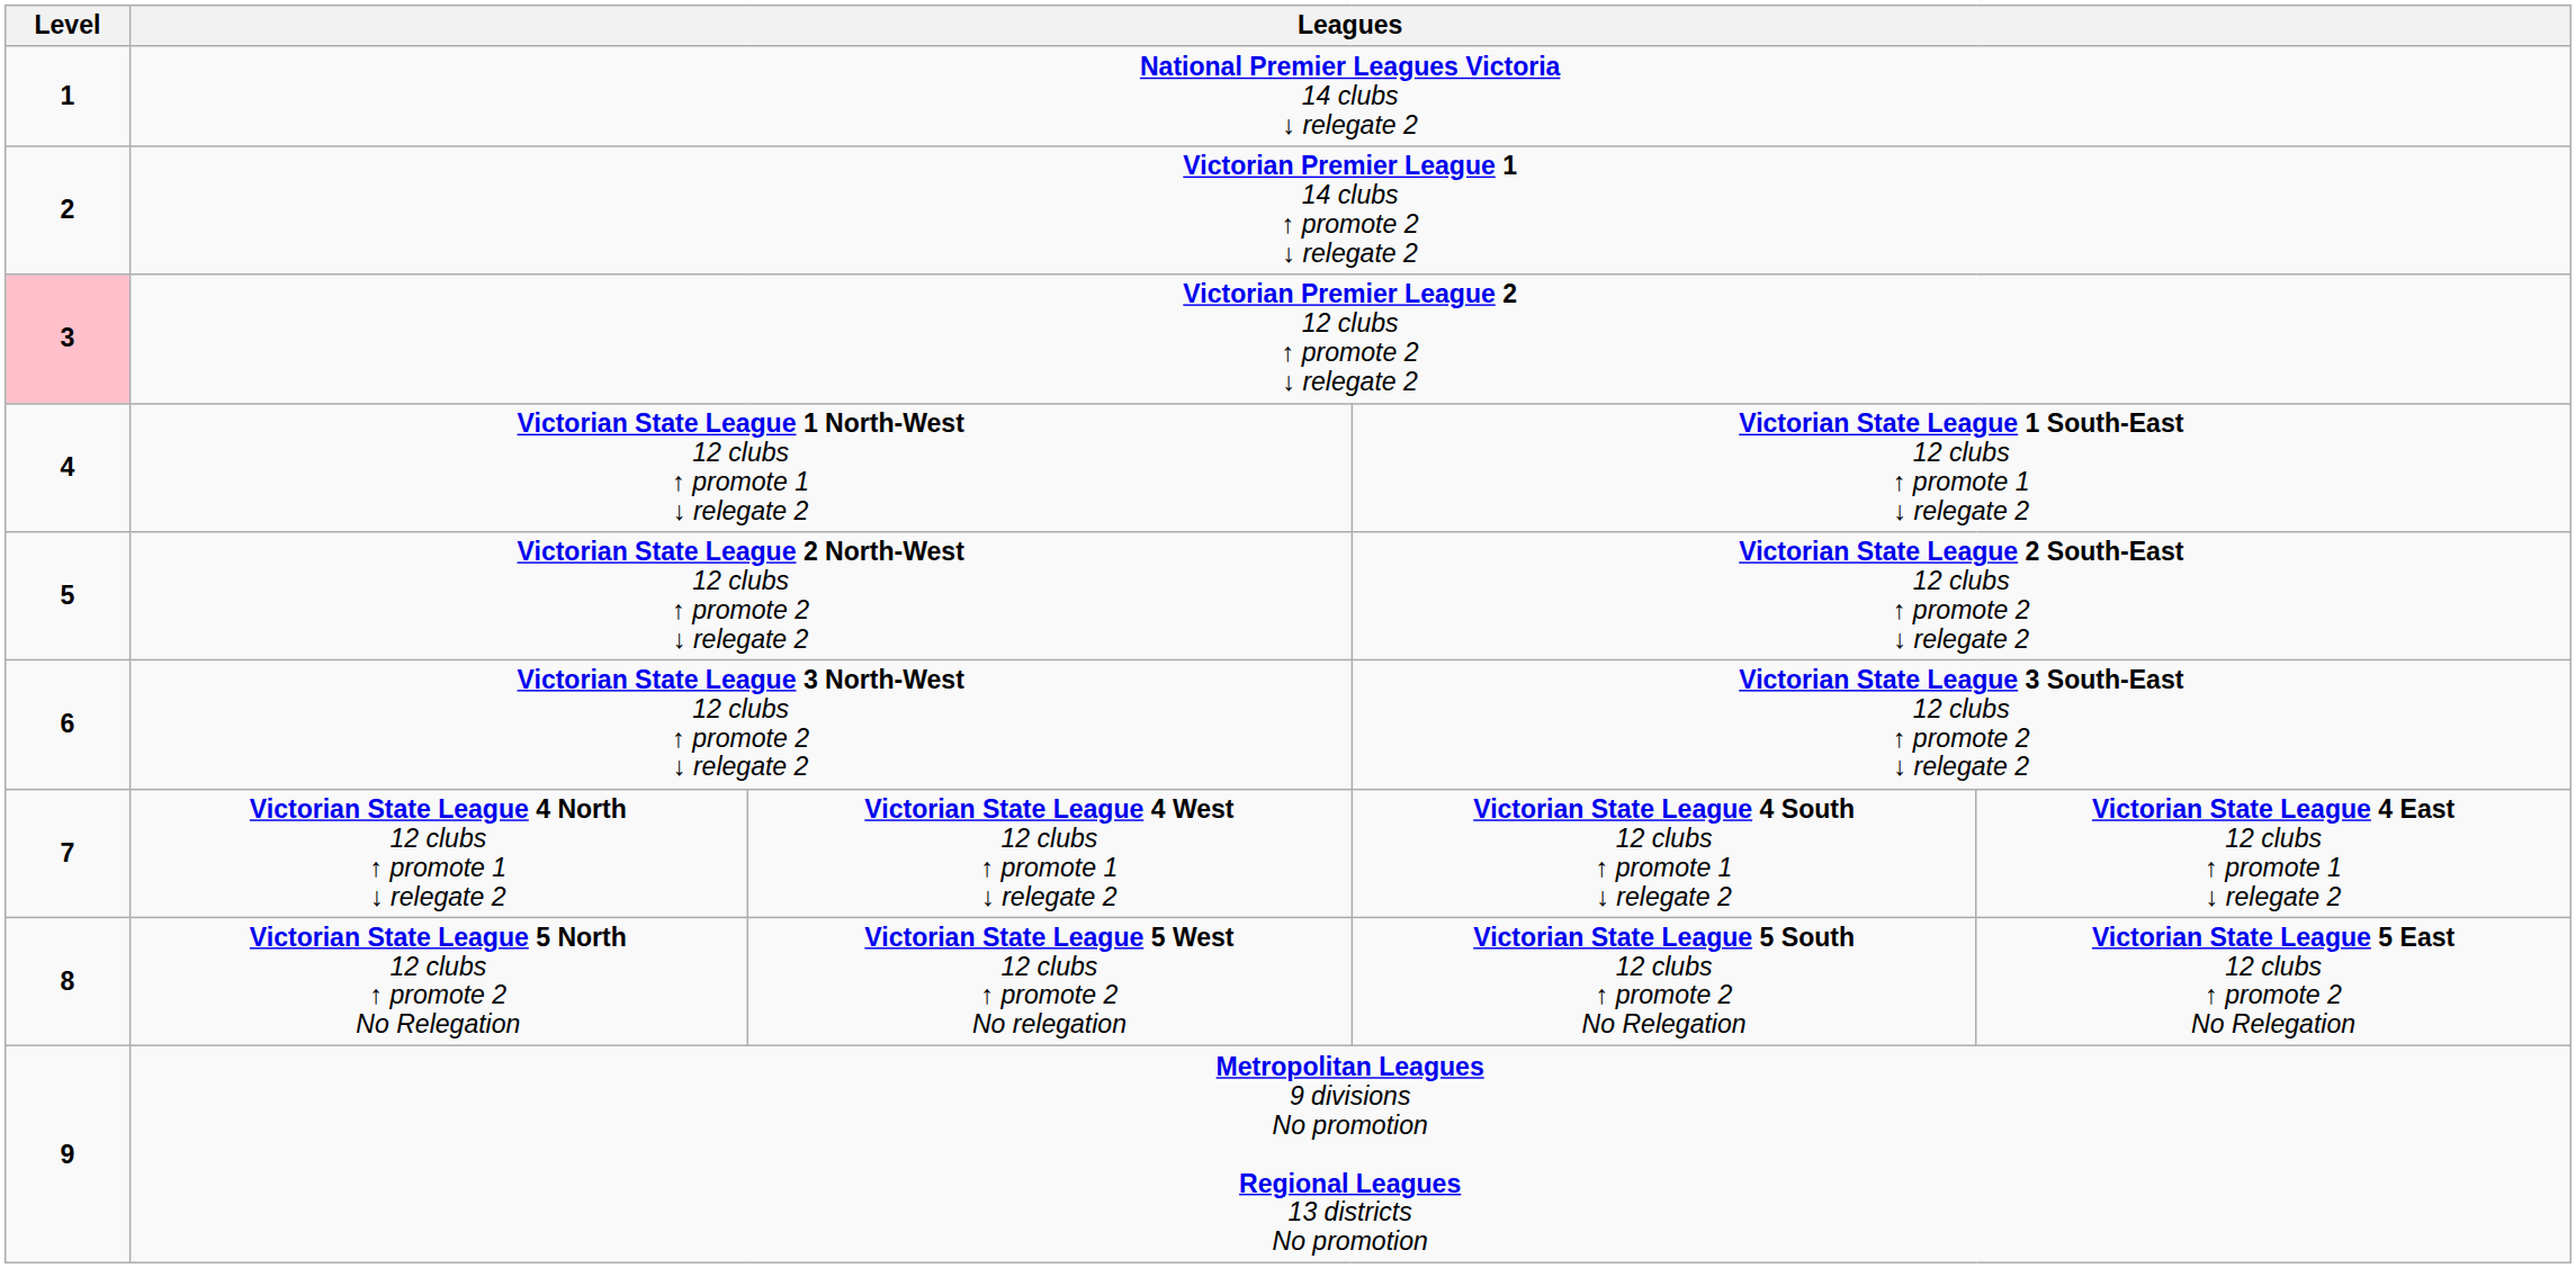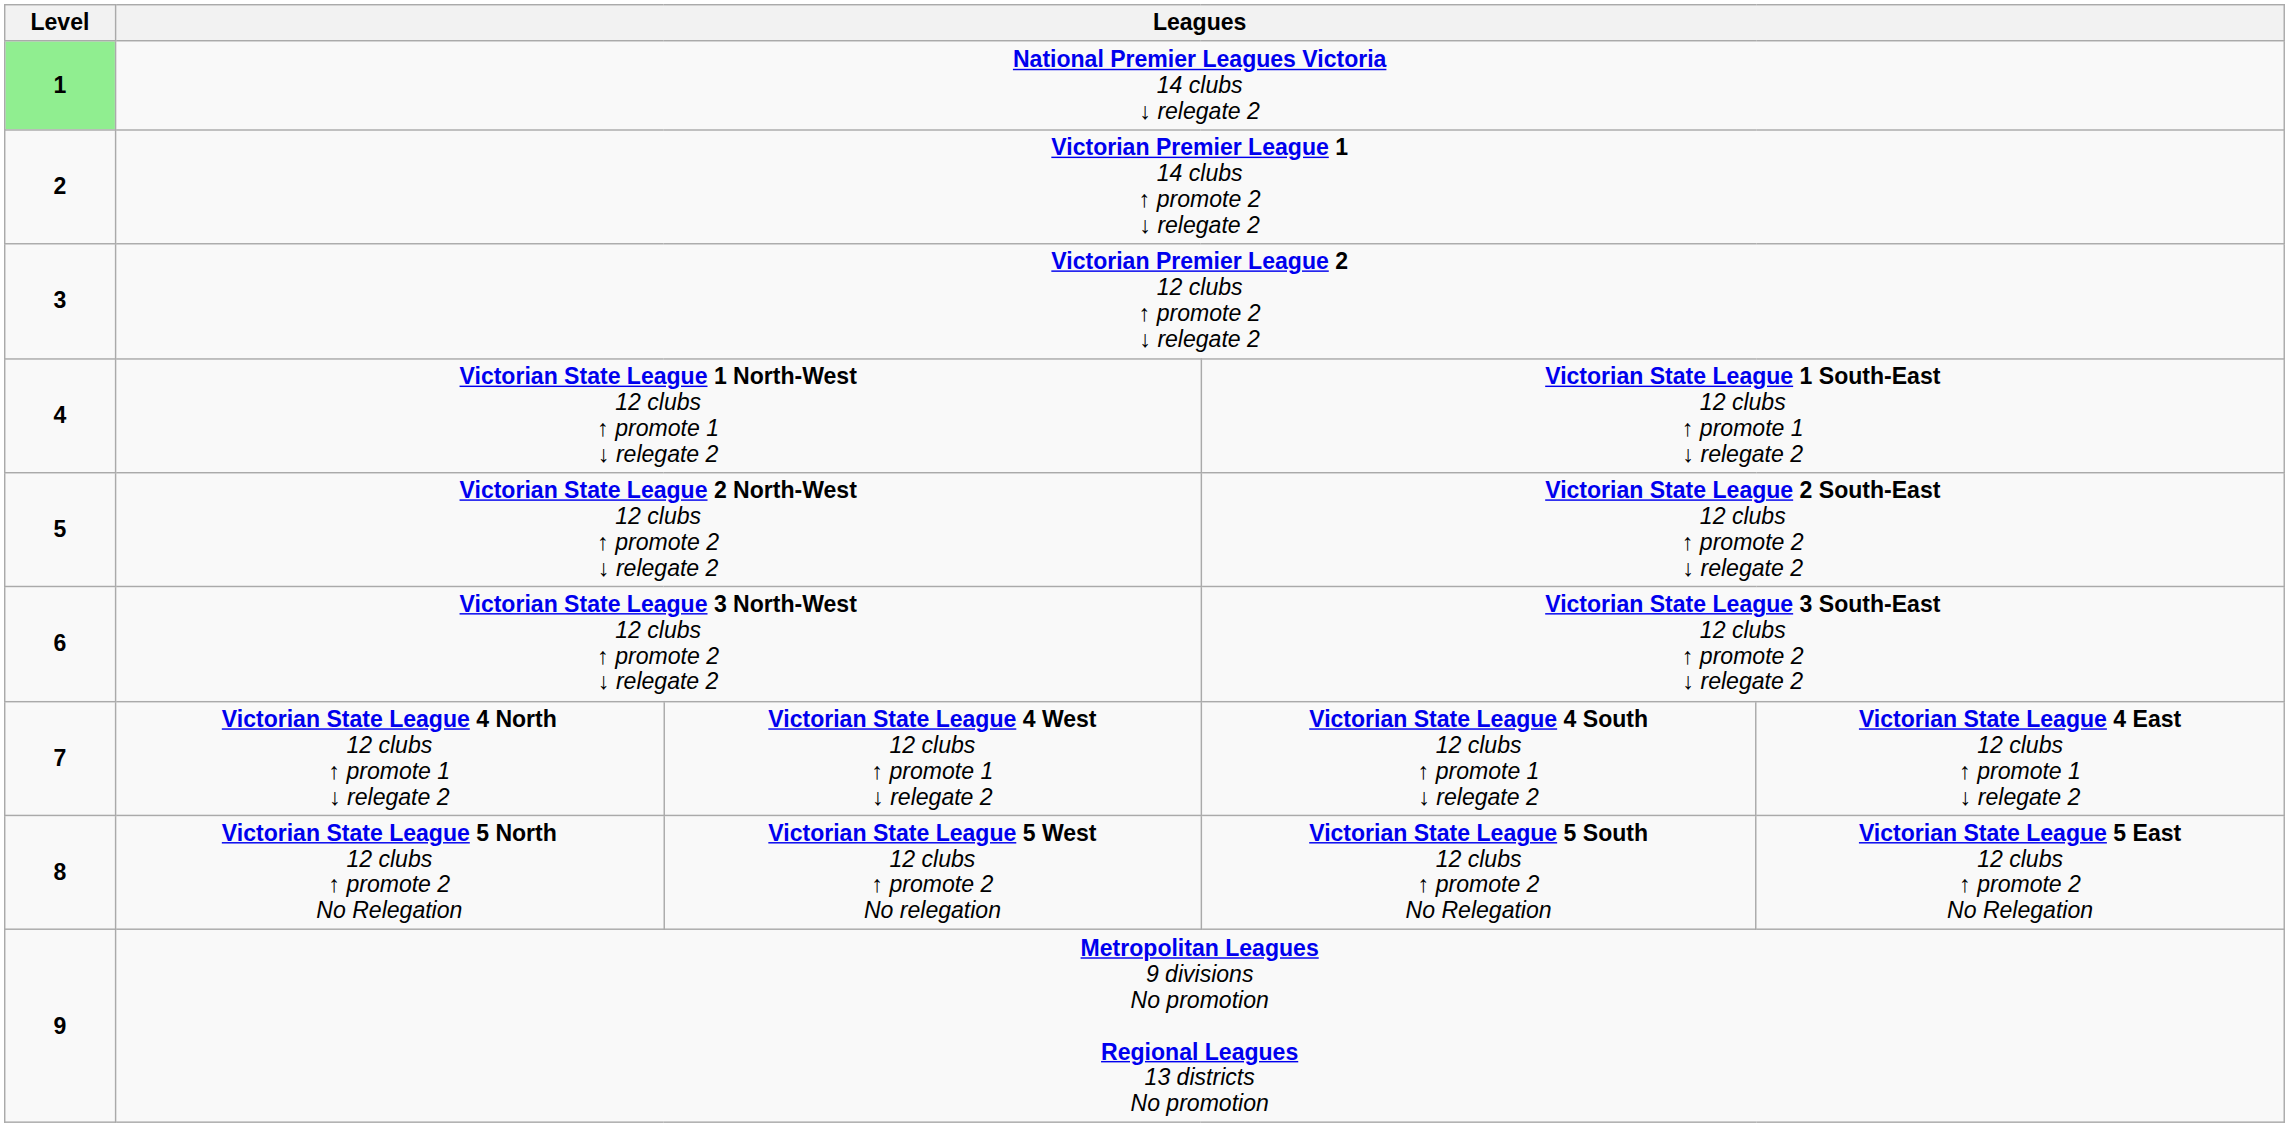 <table class="wikitable" style="text-align:center; width:100%;">
 <tr>
 <th>Level</th>
 <th colspan=4>Leagues</th>
 </tr>
 <tr>
-<td><strong>1</strong></td>
+<td style="background: lightgreen;"><strong>1</strong></td>
 <td colspan=4><strong><a href='#'>National Premier Leagues Victoria</a></strong><br><em>14 clubs</em><br><em>↓ relegate 2</em></td>
 </tr>
 <tr>
 <td><strong>2</strong></td>
 <td colspan=4><strong><a href='#'>Victorian Premier League</a> 1</strong><br><em>14 clubs</em><br><em>↑ promote 2</em><br><em>↓ relegate 2</em></td>
 </tr>
 <tr>
-<td style="background: pink;"><strong>3</strong></td>
+<td><strong>3</strong></td>
 <td colspan=4><strong><a href='#'>Victorian Premier League</a> 2</strong><br><em>12 clubs</em><br><em>↑ promote 2</em><br><em>↓ relegate 2</em></td>
 </tr>
 <tr>
 <td><strong>4</strong></td>
 <td colspan=2><strong><a href='#'>Victorian State League</a> 1 North-West</strong><br><em>12 clubs</em><br><em>↑ promote 1</em><br><em>↓ relegate 2</em></td>
 <td colspan=2><strong><a href='#'>Victorian State League</a> 1 South-East</strong><br><em>12 clubs</em><br><em>↑ promote 1</em><br><em>↓ relegate 2</em></td>
 </tr>
 <tr>
 <td><strong>5</strong></td>
 <td colspan=2><strong><a href='#'>Victorian State League</a> 2 North-West</strong><br><em>12 clubs</em><br><em>↑ promote 2</em><br><em>↓ relegate 2</em></td>
 <td colspan=2><strong><a href='#'>Victorian State League</a> 2 South-East</strong><br><em>12 clubs</em><br><em>↑ promote 2</em><br><em>↓ relegate 2</em></td>
 </tr>
 <tr>
 <td><strong>6</strong></td>
 <td colspan=2><strong><a href='#'>Victorian State League</a> 3 North-West</strong><br><em>12 clubs</em><br><em>↑ promote 2</em><br><em>↓ relegate 2</em></td>
 <td colspan=2><strong><a href='#'>Victorian State League</a> 3 South-East</strong><br><em>12 clubs</em><br><em>↑ promote 2</em><br><em>↓ relegate 2</em></td>
 </tr>
 <tr>
 <td><strong>7</strong></td>
 <td><strong><a href='#'>Victorian State League</a> 4 North</strong><br><em>12 clubs</em><br><em>↑ promote 1</em><br><em>↓ relegate 2</em></td>
 <td><strong><a href='#'>Victorian State League</a> 4 West</strong><br><em>12 clubs</em><br><em>↑ promote 1</em><br><em>↓ relegate 2</em></td>
 <td><strong><a href='#'>Victorian State League</a> 4 South</strong><br><em>12 clubs</em><br><em>↑ promote 1</em><br><em>↓ relegate 2</em></td>
 <td><strong><a href='#'>Victorian State League</a> 4 East</strong><br><em>12 clubs</em><br><em>↑ promote 1</em><br><em>↓ relegate 2</em></td>
 </tr>
 <tr>
 <td><strong>8</strong></td>
 <td><strong><a href='#'>Victorian State League</a> 5 North</strong><br><em>12 clubs</em><br><em>↑ promote 2</em><br><em>No Relegation</em></td>
 <td><strong><a href='#'>Victorian State League</a> 5 West</strong><br><em>12 clubs</em><br><em>↑ promote 2</em><br><em>No relegation</em></td>
 <td><strong><a href='#'>Victorian State League</a> 5 South</strong><br><em>12 clubs</em><br><em>↑ promote 2</em><br><em>No Relegation</em></td>
 <td><strong><a href='#'>Victorian State League</a> 5 East</strong><br><em>12 clubs</em><br><em>↑ promote 2</em><br><em>No Relegation</em></td>
 </tr>
 <tr>
 <td><strong>9</strong></td>
 <td colspan=4><strong><a href='#'>Metropolitan Leagues</a></strong><br><em>9 divisions</em><br><em>No promotion</em>  <br><br><strong><a href='#'>Regional Leagues</a></strong><br><em>13 districts</em><br><em>No promotion</em></td>
 </tr>
 </table>
